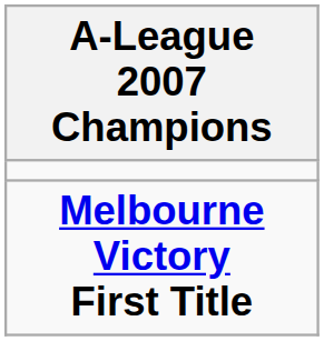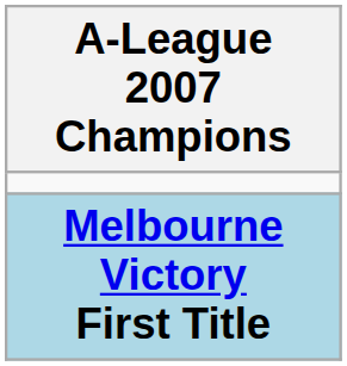 <table class="wikitable" style="text-align: center; margin: 0 auto; width: 20%">
 <tr>
 <th>A-League<br>2007 Champions</th>
 </tr>
 <tr>
 <td></td>
 </tr>
 <tr>
-<td><strong><a href='#'>Melbourne Victory</a></strong><br><strong>First Title</strong></td>
+<td style="background: lightblue;"><strong><a href='#'>Melbourne Victory</a></strong><br><strong>First Title</strong></td>
 </tr>
 </table>
